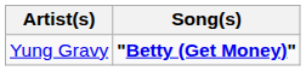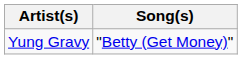 <table class="wikitable">
 <tr>
 <th>Artist(s)</th>
 <th>Song(s)</th>
 </tr>
 <tr>
 <td><a href='#'>Yung Gravy</a></td>
-<td><strong>"<a href='#'>Betty (Get Money)</a>"</strong></td>
+<td>"<a href='#'>Betty (Get Money)</a>"</td>
 </tr>
 </table>
